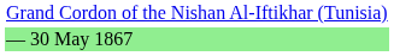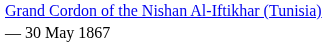 <table>
 <tr>
 <td rowspan=2 style="width:60px; vertical-align:top;"></td>
 <td><a href='#'>Grand Cordon of the Nishan Al-Iftikhar (Tunisia)</a></td>
 </tr>
 <tr>
-<td style="background: lightgreen;">— 30 May 1867</td>
+<td>— 30 May 1867</td>
 </tr>
 </table>
